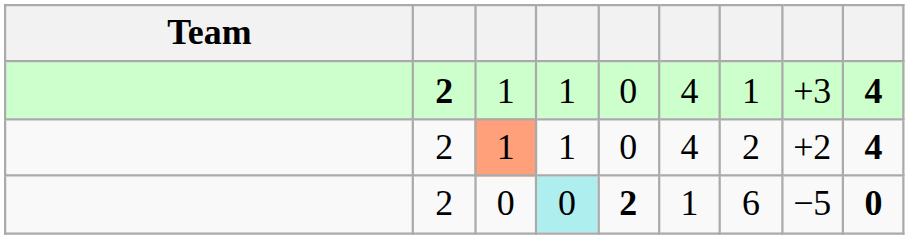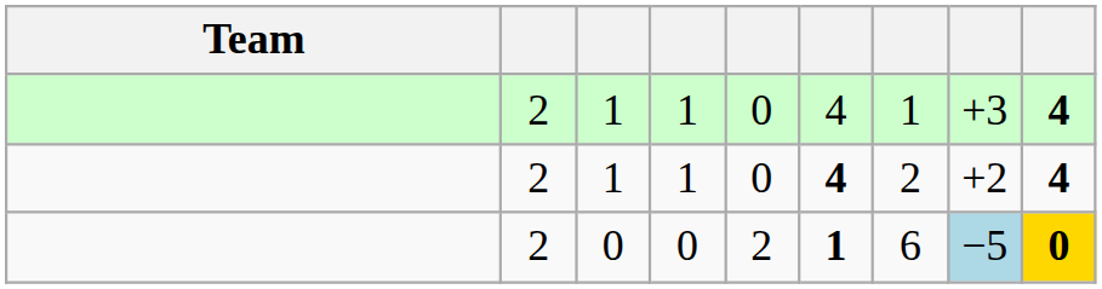 <table class="wikitable" style="text-align:center;">
 <tr>
 <th width=175>Team</th>
 <th width=20></th>
 <th width=20></th>
 <th width=20></th>
 <th width=20></th>
 <th width=20></th>
 <th width=20></th>
 <th width=20></th>
 <th width=20></th>
 </tr>
 <tr bgcolor=ccffcc>
 <td align="left"></td>
-<td><strong>2</strong></td>
+<td>2</td>
 <td>1</td>
 <td>1</td>
 <td>0</td>
 <td>4</td>
 <td>1</td>
 <td>+3</td>
 <td><strong>4</strong></td>
 </tr>
 <tr>
 <td align="left"></td>
 <td>2</td>
-<td style="background: lightsalmon;">1</td>
+<td>1</td>
 <td>1</td>
 <td>0</td>
-<td>4</td>
+<td><strong>4</strong></td>
 <td>2</td>
 <td>+2</td>
 <td><strong>4</strong></td>
 </tr>
 <tr>
 <td align="left"></td>
 <td>2</td>
 <td>0</td>
-<td style="background: paleturquoise;">0</td>
-<td><strong>2</strong></td>
-<td>1</td>
+<td>0</td>
+<td>2</td>
+<td><strong>1</strong></td>
 <td>6</td>
-<td>−5</td>
-<td><strong>0</strong></td>
+<td style="background: lightblue;">−5</td>
+<td style="background: gold;"><strong>0</strong></td>
 </tr>
 </table>
